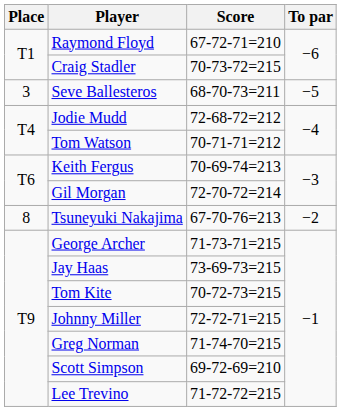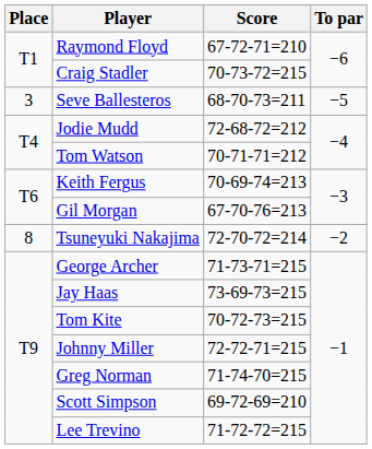 <table class="wikitable">
 <tr>
 <th>Place</th>
 <th>Player</th>
 <th>Score</th>
 <th>To par</th>
 </tr>
 <tr>
 <td rowspan=2 align="center">T1</td>
 <td> <a href='#'>Raymond Floyd</a></td>
 <td>67-72-71=210</td>
 <td rowspan=2 align="center">−6</td>
 </tr>
 <tr>
 <td> <a href='#'>Craig Stadler</a></td>
 <td>70-73-72=215</td>
 </tr>
 <tr>
 <td align="center">3</td>
 <td> <a href='#'>Seve Ballesteros</a></td>
 <td>68-70-73=211</td>
 <td align="center">−5</td>
 </tr>
 <tr>
 <td rowspan=2 align="center">T4</td>
 <td> <a href='#'>Jodie Mudd</a></td>
 <td>72-68-72=212</td>
 <td rowspan=2 align="center">−4</td>
 </tr>
 <tr>
 <td> <a href='#'>Tom Watson</a></td>
 <td>70-71-71=212</td>
 </tr>
 <tr>
 <td rowspan=2 align="center">T6</td>
 <td> <a href='#'>Keith Fergus</a></td>
 <td>70-69-74=213</td>
 <td rowspan=2 align="center">−3</td>
 </tr>
 <tr>
 <td> <a href='#'>Gil Morgan</a></td>
-<td>72-70-72=214</td>
+<td>67-70-76=213</td>
 </tr>
 <tr>
 <td align="center">8</td>
 <td> <a href='#'>Tsuneyuki Nakajima</a></td>
-<td>67-70-76=213</td>
+<td>72-70-72=214</td>
 <td align="center">−2</td>
 </tr>
 <tr>
 <td rowspan=7 align="center">T9</td>
 <td> <a href='#'>George Archer</a></td>
 <td>71-73-71=215</td>
 <td rowspan=7 align="center">−1</td>
 </tr>
 <tr>
 <td> <a href='#'>Jay Haas</a></td>
 <td>73-69-73=215</td>
 </tr>
 <tr>
 <td> <a href='#'>Tom Kite</a></td>
 <td>70-72-73=215</td>
 </tr>
 <tr>
 <td> <a href='#'>Johnny Miller</a></td>
 <td>72-72-71=215</td>
 </tr>
 <tr>
 <td> <a href='#'>Greg Norman</a></td>
 <td>71-74-70=215</td>
 </tr>
 <tr>
 <td> <a href='#'>Scott Simpson</a></td>
 <td>69-72-69=210</td>
 </tr>
 <tr>
 <td> <a href='#'>Lee Trevino</a></td>
 <td>71-72-72=215</td>
 </tr>
 </table>
